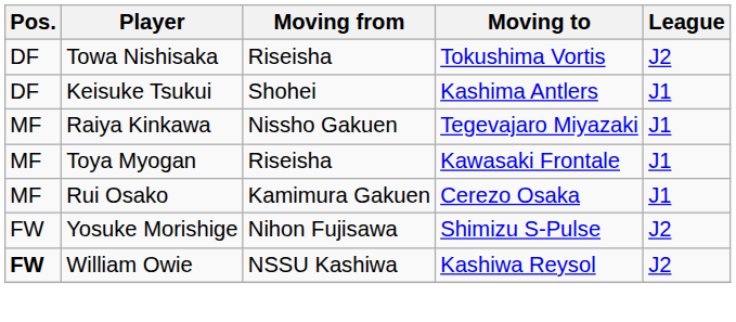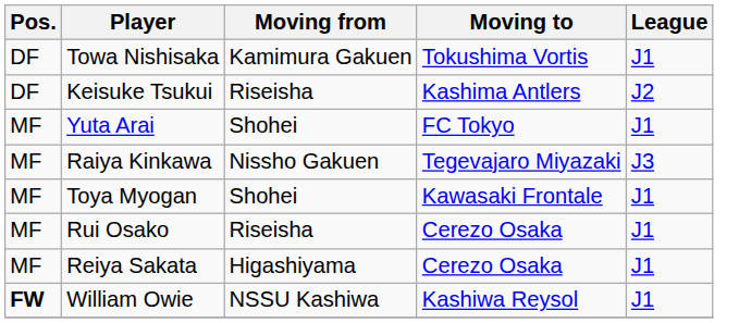 <table class="wikitable sortable" style=“text-align:left;>
 <tr>
 <th>Pos.</th>
 <th>Player</th>
 <th>Moving from</th>
 <th>Moving to</th>
 <th>League</th>
 </tr>
 <tr>
 <td>DF</td>
 <td>Towa Nishisaka</td>
-<td>Riseisha</td>
+<td>Kamimura Gakuen</td>
 <td><a href='#'>Tokushima Vortis</a></td>
-<td><a href='#'>J2</a></td>
+<td><a href='#'>J1</a></td>
 </tr>
 <tr>
 <td>DF</td>
 <td>Keisuke Tsukui</td>
+<td>Riseisha</td>
+<td><a href='#'>Kashima Antlers</a></td>
+<td><a href='#'>J2</a></td>
+</tr>
+<tr>
+<td>MF</td>
+<td><a href='#'>Yuta Arai</a></td>
 <td>Shohei</td>
-<td><a href='#'>Kashima Antlers</a></td>
+<td><a href='#'>FC Tokyo</a></td>
 <td><a href='#'>J1</a></td>
 </tr>
 <tr>
 <td>MF</td>
 <td>Raiya Kinkawa</td>
 <td>Nissho Gakuen</td>
 <td><a href='#'>Tegevajaro Miyazaki</a></td>
-<td><a href='#'>J1</a></td>
+<td><a href='#'>J3</a></td>
 </tr>
 <tr>
 <td>MF</td>
 <td>Toya Myogan</td>
-<td>Riseisha</td>
+<td>Shohei</td>
 <td><a href='#'>Kawasaki Frontale</a></td>
 <td><a href='#'>J1</a></td>
 </tr>
 <tr>
 <td>MF</td>
 <td>Rui Osako</td>
-<td>Kamimura Gakuen</td>
+<td>Riseisha</td>
 <td><a href='#'>Cerezo Osaka</a></td>
 <td><a href='#'>J1</a></td>
 </tr>
 <tr>
-<td>FW</td>
-<td>Yosuke Morishige</td>
-<td>Nihon Fujisawa</td>
-<td><a href='#'>Shimizu S-Pulse</a></td>
-<td><a href='#'>J2</a></td>
+<td>MF</td>
+<td>Reiya Sakata</td>
+<td>Higashiyama</td>
+<td><a href='#'>Cerezo Osaka</a></td>
+<td><a href='#'>J1</a></td>
 </tr>
 <tr>
 <td><strong>FW</strong></td>
 <td>William Owie</td>
 <td>NSSU Kashiwa</td>
 <td><a href='#'>Kashiwa Reysol</a></td>
-<td><a href='#'>J2</a></td>
+<td><a href='#'>J1</a></td>
 </tr>
 <tr>
 </tr>
 </table>
